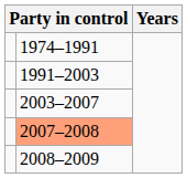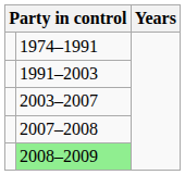 <table class="wikitable">
 <tr>
 <th colspan="2">Party in control</th>
 <th>Years</th>
 </tr>
 <tr>
 <td></td>
 <td>1974–1991</td>
 </tr>
 <tr>
 <td></td>
 <td>1991–2003</td>
 </tr>
 <tr>
 <td></td>
 <td>2003–2007</td>
 </tr>
 <tr>
 <td></td>
-<td style="background: lightsalmon;">2007–2008</td>
+<td>2007–2008</td>
 </tr>
 <tr>
 <td></td>
-<td>2008–2009</td>
+<td style="background: lightgreen;">2008–2009</td>
 </tr>
 </table>
